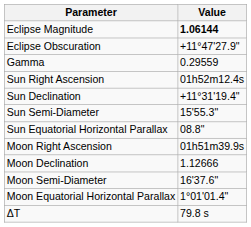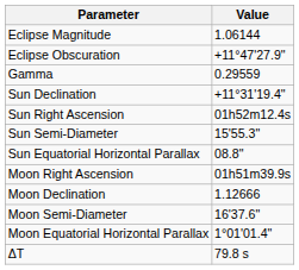 <table class="wikitable">
 <tr>
 <th>Parameter</th>
 <th>Value</th>
 </tr>
 <tr>
 <td>Eclipse Magnitude</td>
-<td><strong>1.06144</strong></td>
+<td>1.06144</td>
 </tr>
 <tr>
 <td>Eclipse Obscuration</td>
 <td>+11°47'27.9"</td>
 </tr>
 <tr>
 <td>Gamma</td>
 <td>0.29559</td>
 </tr>
 <tr>
+<td>Sun Declination</td>
+<td>+11°31'19.4"</td>
+</tr>
+<tr>
 <td>Sun Right Ascension</td>
 <td>01h52m12.4s</td>
-</tr>
-<tr>
-<td>Sun Declination</td>
-<td>+11°31'19.4"</td>
 </tr>
 <tr>
 <td>Sun Semi-Diameter</td>
 <td>15'55.3"</td>
 </tr>
 <tr>
 <td>Sun Equatorial Horizontal Parallax</td>
 <td>08.8"</td>
 </tr>
 <tr>
 <td>Moon Right Ascension</td>
 <td>01h51m39.9s</td>
 </tr>
 <tr>
 <td>Moon Declination</td>
 <td>1.12666</td>
 </tr>
 <tr>
 <td>Moon Semi-Diameter</td>
 <td>16'37.6"</td>
 </tr>
 <tr>
 <td>Moon Equatorial Horizontal Parallax</td>
 <td>1°01'01.4"</td>
 </tr>
 <tr>
 <td>ΔT</td>
 <td>79.8 s</td>
 </tr>
 </table>
